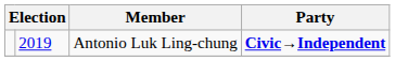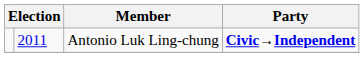 <table class="wikitable">
 <tr>
 <th colspan="2">Election</th>
 <th>Member</th>
 <th>Party</th>
 </tr>
 <tr>
 <td style="color:inherit;background:"></td>
-<td><a href='#'>2019</a></td>
+<td><a href='#'>2011</a></td>
 <td>Antonio Luk Ling-chung</td>
 <td><strong><a href='#'>Civic</a>→<a href='#'>Independent</a></strong></td>
 </tr>
 <tr>
 </tr>
 </table>
